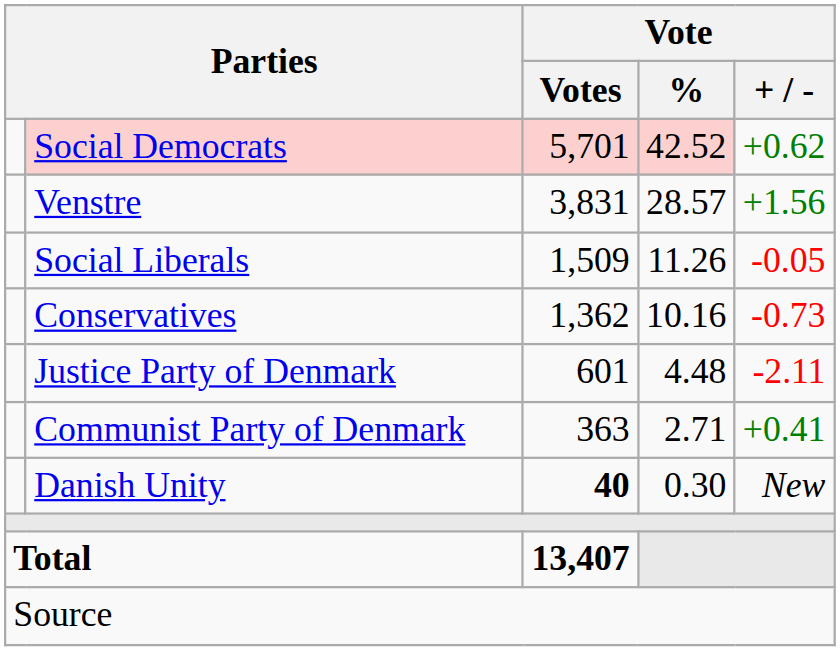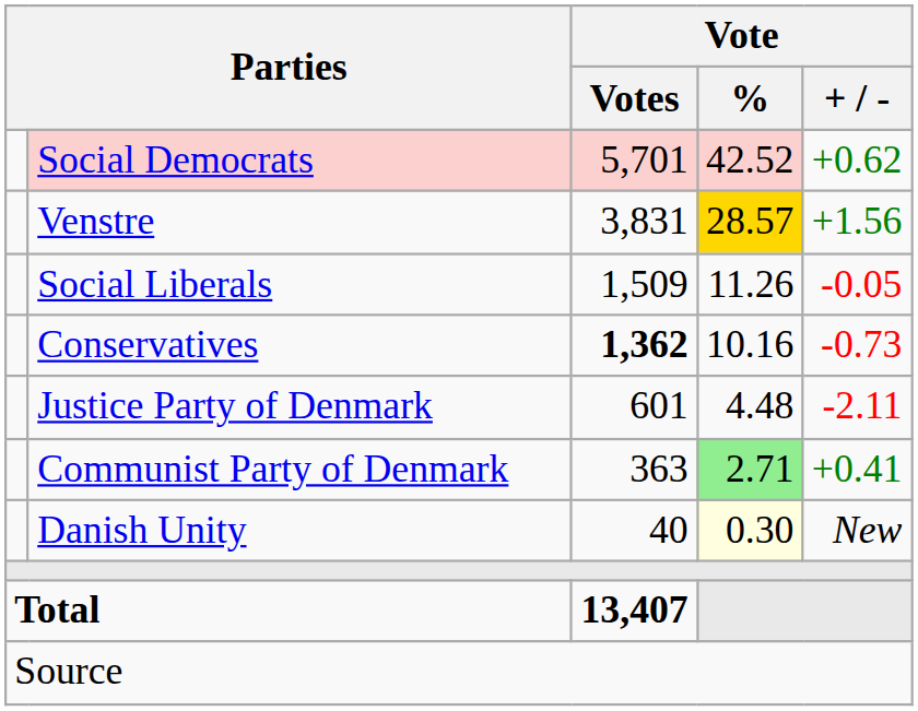 <table class="wikitable" style="text-align:right;">
 <tr>
 <th style="text-align:centre;" rowspan="2" colspan="2" width="225">Parties</th>
 <th colspan="3">Vote</th>
 </tr>
 <tr>
 <th width="15">Votes</th>
 <th width="15">%</th>
 <th width="15">+ / -</th>
 </tr>
 <tr>
 <td width="2" style="color:inherit;background:"></td>
 <td bgcolor=#fbd0ce  align="left"><a href='#'>Social Democrats</a></td>
 <td bgcolor=#fbd0ce>5,701</td>
 <td bgcolor=#fbd0ce>42.52</td>
 <td style=color:green;>+0.62</td>
 </tr>
 <tr>
 <td width="2" style="color:inherit;background:"></td>
 <td align="left"><a href='#'>Venstre</a></td>
 <td>3,831</td>
-<td>28.57</td>
+<td style="background: gold;">28.57</td>
 <td style=color:green;>+1.56</td>
 </tr>
 <tr>
 <td width="2" style="color:inherit;background:"></td>
 <td align="left"><a href='#'>Social Liberals</a></td>
 <td>1,509</td>
 <td>11.26</td>
 <td style=color:red;>-0.05</td>
 </tr>
 <tr>
 <td width="2" style="color:inherit;background:"></td>
 <td align="left"><a href='#'>Conservatives</a></td>
-<td>1,362</td>
+<td><strong>1,362</strong></td>
 <td>10.16</td>
 <td style=color:red;>-0.73</td>
 </tr>
 <tr>
 <td width="2" style="color:inherit;background:"></td>
 <td align="left"><a href='#'>Justice Party of Denmark</a></td>
 <td>601</td>
 <td>4.48</td>
 <td style=color:red;>-2.11</td>
 </tr>
 <tr>
 <td width="2" style="color:inherit;background:"></td>
 <td align="left"><a href='#'>Communist Party of Denmark</a></td>
 <td>363</td>
-<td>2.71</td>
+<td style="background: lightgreen;">2.71</td>
 <td style=color:green;>+0.41</td>
 </tr>
 <tr>
 <td width="2" style="color:inherit;background:"></td>
 <td align="left"><a href='#'>Danish Unity</a></td>
-<td><strong>40</strong></td>
-<td>0.30</td>
+<td>40</td>
+<td style="background: lightyellow;">0.30</td>
 <td><em>New</em></td>
 </tr>
 <tr>
 <td colspan="7" bgcolor="#E9E9E9"></td>
 </tr>
 <tr>
 <td align="left" colspan="2"><strong>Total</strong></td>
 <td><strong>13,407</strong></td>
 <td bgcolor="#E9E9E9" colspan="2"></td>
 </tr>
 <tr>
 <td align="left" colspan="6">Source</td>
 </tr>
 </table>
